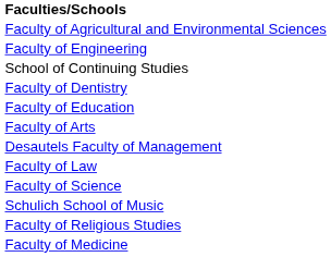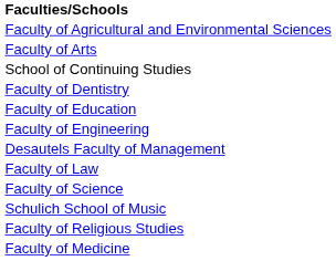 <table class="toccolours" ; margin-left:1em; font-size:90%; line-height:1.4em; width:280px;">
 <tr>
 <td><strong>Faculties/Schools</strong></td>
 </tr>
 <tr>
 <td><a href='#'>Faculty of Agricultural and Environmental Sciences</a></td>
 </tr>
 <tr>
-<td><a href='#'>Faculty of Engineering</a></td>
+<td><a href='#'>Faculty of Arts</a></td>
 </tr>
 <tr>
 <td>School of Continuing Studies</td>
 </tr>
 <tr>
 <td><a href='#'>Faculty of Dentistry</a></td>
 </tr>
 <tr>
 <td><a href='#'>Faculty of Education</a></td>
 </tr>
 <tr>
-<td><a href='#'>Faculty of Arts</a></td>
+<td><a href='#'>Faculty of Engineering</a></td>
 </tr>
 <tr>
 <td><a href='#'>Desautels Faculty of Management</a></td>
 </tr>
 <tr>
 <td><a href='#'>Faculty of Law</a></td>
 </tr>
 <tr>
 <td><a href='#'>Faculty of Science</a></td>
 </tr>
 <tr>
 <td><a href='#'>Schulich School of Music</a></td>
 </tr>
 <tr>
 <td><a href='#'>Faculty of Religious Studies</a></td>
 </tr>
 <tr>
 <td><a href='#'>Faculty of Medicine</a></td>
 </tr>
 </table>
